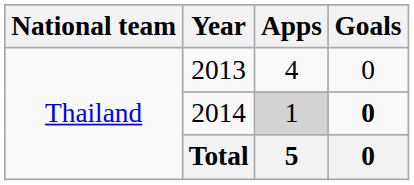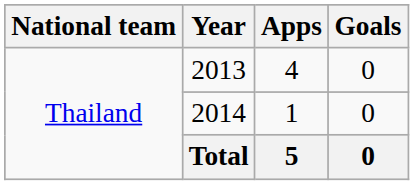 <table class="wikitable" style="text-align:center">
 <tr>
 <th>National team</th>
 <th>Year</th>
 <th>Apps</th>
 <th>Goals</th>
 </tr>
 <tr>
 <td rowspan="5" valign="center"><a href='#'>Thailand</a></td>
 <td>2013</td>
 <td>4</td>
 <td>0</td>
 </tr>
 <tr>
 <td>2014</td>
-<td style="background: lightgrey;">1</td>
-<td><strong>0</strong></td>
+<td>1</td>
+<td>0</td>
 </tr>
 <tr>
 <th>Total</th>
 <th>5</th>
 <th>0</th>
 </tr>
 </table>
